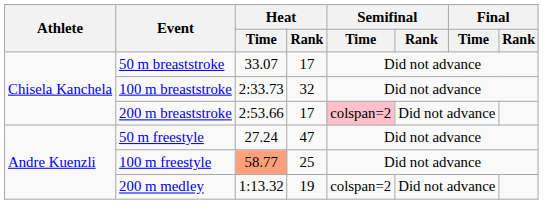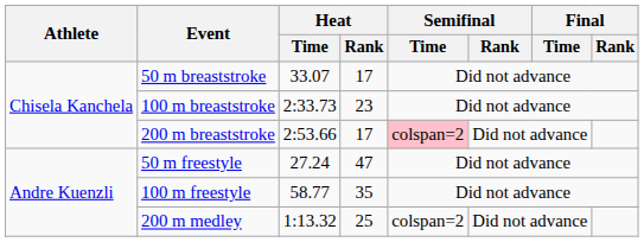 <table class="wikitable" style="text-align:center; font-size:90%">
 <tr>
 <th rowspan="2">Athlete</th>
 <th rowspan="2">Event</th>
 <th colspan="2">Heat</th>
 <th colspan="2">Semifinal</th>
 <th colspan="2">Final</th>
 </tr>
 <tr style="font-size:95%">
 <th>Time</th>
 <th>Rank</th>
 <th>Time</th>
 <th>Rank</th>
 <th>Time</th>
 <th>Rank</th>
 </tr>
 <tr>
 <td align=left rowspan=3><a href='#'>Chisela Kanchela</a></td>
 <td align=left><a href='#'>50 m breaststroke</a></td>
 <td>33.07</td>
 <td>17</td>
 <td colspan=4>Did not advance</td>
 </tr>
 <tr>
 <td align=left><a href='#'>100 m breaststroke</a></td>
 <td>2:33.73</td>
-<td>32</td>
+<td>23</td>
 <td colspan=4>Did not advance</td>
 </tr>
 <tr>
 <td align=left><a href='#'>200 m breaststroke</a></td>
 <td>2:53.66</td>
 <td>17</td>
 <td style="background: pink;">colspan=2 </td>
 <td colspan=2>Did not advance</td>
 </tr>
 <tr>
 <td align=left rowspan=3><a href='#'>Andre Kuenzli</a></td>
 <td align=left><a href='#'>50 m freestyle</a></td>
 <td>27.24</td>
 <td>47</td>
 <td colspan=4>Did not advance</td>
 </tr>
 <tr>
 <td align=left><a href='#'>100 m freestyle</a></td>
-<td style="background: lightsalmon;">58.77</td>
-<td>25</td>
+<td>58.77</td>
+<td>35</td>
 <td colspan=4>Did not advance</td>
 </tr>
 <tr>
 <td align=left><a href='#'>200 m medley</a></td>
 <td>1:13.32</td>
-<td>19</td>
+<td>25</td>
 <td>colspan=2 </td>
 <td colspan=2>Did not advance</td>
 </tr>
 </table>
